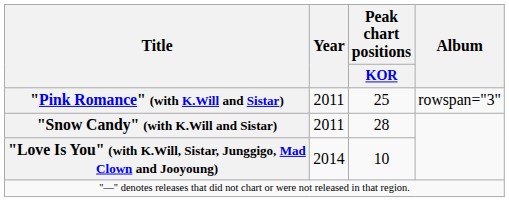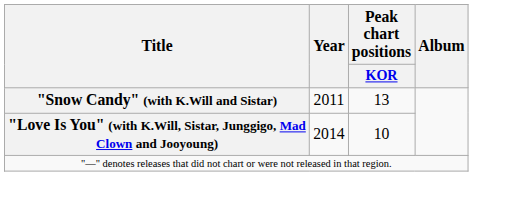 <table class="wikitable plainrowheaders" style="text-align:center">
 <tr>
 <th scope="col" rowspan="2" style="width:19em;">Title</th>
 <th scope="col" rowspan="2">Year</th>
 <th scope="col" colspan="1">Peak chart positions</th>
 <th scope="col" rowspan="2">Album</th>
 </tr>
 <tr>
 <th scope="col" style="width:3em;font-size:90%;"><a href='#'>KOR</a><br></th>
 </tr>
 <tr>
-<th scope="row">"<a href='#'>Pink Romance</a>" <small>(with <a href='#'>K.Will</a> and <a href='#'>Sistar</a>)</small></th>
-<td>2011</td>
-<td>25</td>
-<td>rowspan="3" </td>
-</tr>
-<tr>
 <th scope="row">"Snow Candy" <small>(with K.Will and Sistar)</small></th>
 <td>2011</td>
-<td>28</td>
+<td>13</td>
 </tr>
 <tr>
 <th scope="row">"Love Is You" <small>(with K.Will, Sistar, Junggigo, <a href='#'>Mad Clown</a> and Jooyoung)</small></th>
 <td>2014</td>
 <td>10</td>
 </tr>
 <tr>
 <td colspan="4" style="font-size:8pt;">"—" denotes releases that did not chart or were not released in that region.</td>
 </tr>
 </table>
